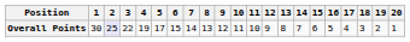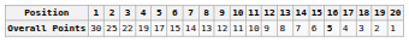 <table class="wikitable" style="font-size: 85%">
 <tr valign="top">
 <th>Position</th>
 <th>1</th>
 <th>2</th>
 <th>3</th>
 <th>4</th>
 <th>5</th>
 <th>6</th>
 <th>7</th>
 <th>8</th>
 <th>9</th>
 <th>10</th>
 <th>11</th>
 <th>12</th>
 <th>13</th>
 <th>14</th>
 <th>15</th>
 <th>16</th>
 <th>17</th>
 <th>18</th>
 <th>19</th>
 <th>20</th>
 </tr>
 <tr>
 <th>Overall Points</th>
 <td>30</td>
-<td style="background: lavender;">25</td>
+<td>25</td>
 <td>22</td>
 <td>19</td>
 <td>17</td>
 <td>15</td>
 <td>14</td>
 <td>13</td>
 <td>12</td>
 <td>11</td>
 <td>10</td>
 <td>9</td>
 <td>8</td>
 <td>7</td>
 <td>6</td>
-<td>5</td>
+<td><strong>5</strong></td>
 <td>4</td>
 <td>3</td>
 <td>2</td>
 <td>1</td>
 </tr>
 </table>
